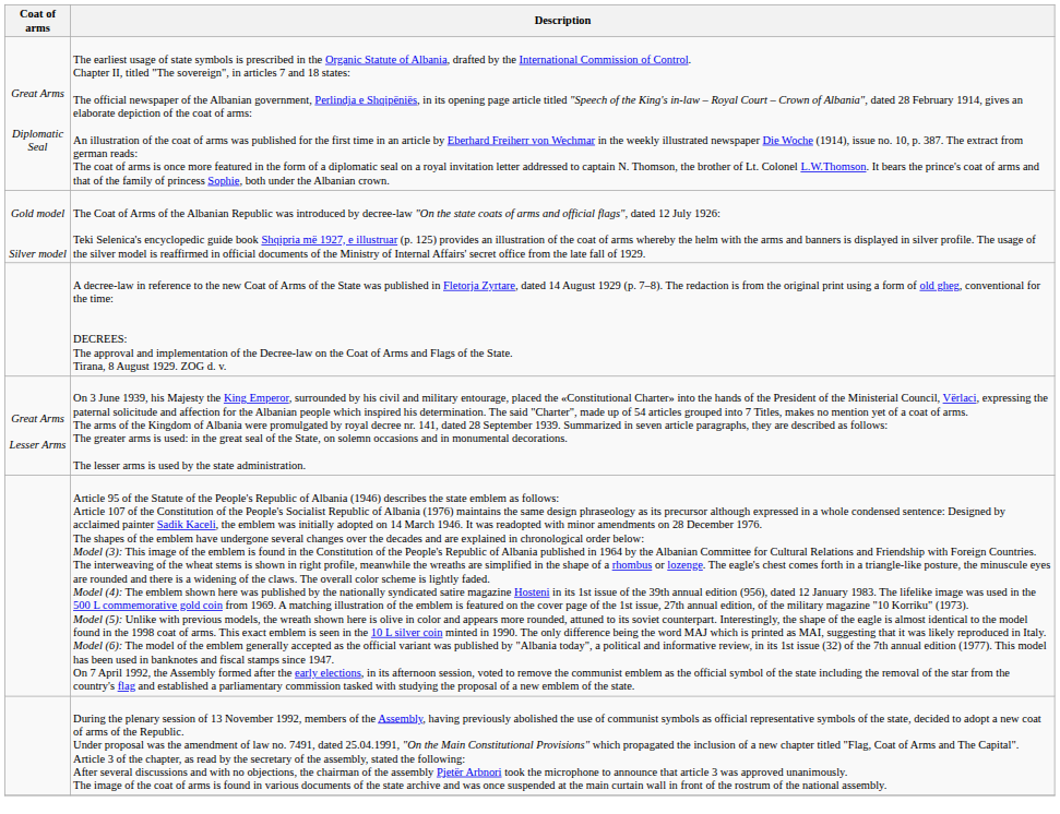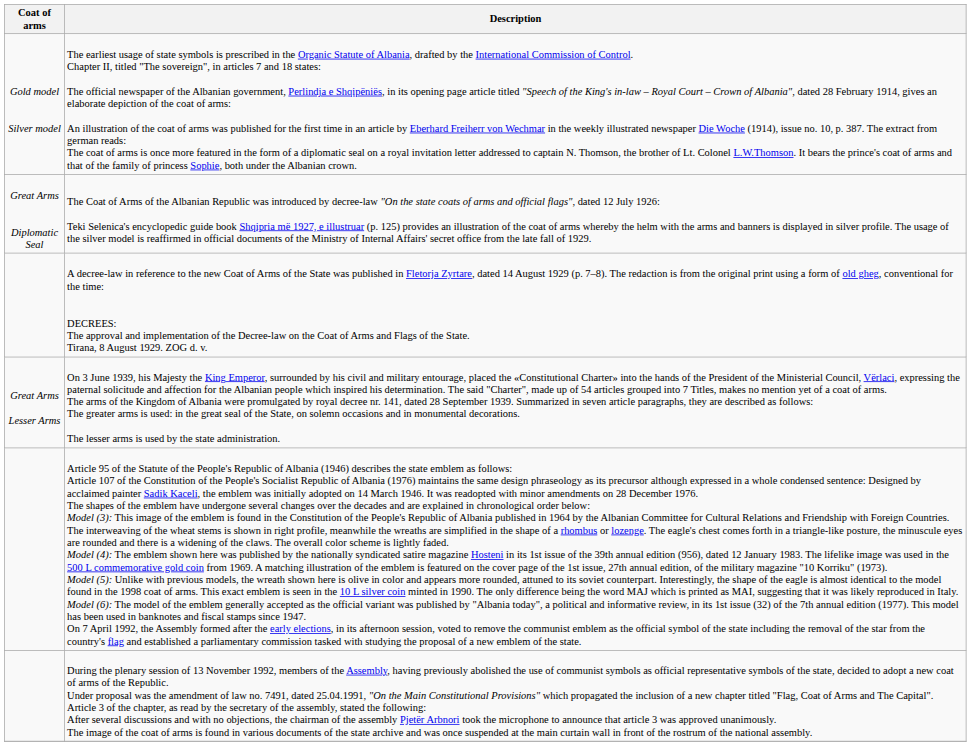 <table class="wikitable"; style=font-size:85%;>
 <tr>
 <th>Coat of arms</th>
 <th>Description</th>
 </tr>
 <tr>
-<td align="center"><br><em>Great Arms</em><br><br><br><em>Diplomatic Seal</em></td>
+<td align="center"><br><em>Gold model</em><br><br><br><em>Silver model</em></td>
 <td><br>The earliest usage of state symbols is prescribed in the <a href='#'>Organic Statute of Albania</a>, drafted by the <a href='#'>International Commission of Control</a>.<br>Chapter II, titled "The sovereign", in articles 7 and 18 states:<br><br>The official newspaper of the Albanian government, <a href='#'>Perlindja e Shqipëniës</a>, in its opening page article titled <em>"Speech of the King's in-law – Royal Court – Crown of Albania"</em>, dated 28 February 1914, gives an elaborate depiction of the coat of arms:<br><br>An illustration of the coat of arms was published for the first time in an article by <a href='#'>Eberhard Freiherr von Wechmar</a> in the weekly illustrated newspaper <a href='#'>Die Woche</a> (1914), issue no. 10, p. 387. The extract from german reads: <br>The coat of arms is once more featured in the form of a diplomatic seal on a royal invitation letter addressed to captain N. Thomson, the brother of Lt. Colonel <a href='#'>L.W.Thomson</a>. It bears the prince's coat of arms and that of the family of princess <a href='#'>Sophie</a>, both under the Albanian crown.</td>
 </tr>
 <tr>
-<td align="center"><br><em>Gold model</em><br><br><br><em>Silver model</em></td>
+<td align="center"><br><em>Great Arms</em><br><br><br><em>Diplomatic Seal</em></td>
 <td><br>The Coat of Arms of the Albanian Republic was introduced by decree-law <em>"On the state coats of arms and official flags"</em>, dated 12 July 1926:<br><br>Teki Selenica's encyclopedic guide book <a href='#'>Shqipria më 1927, e illustruar</a> (p. 125) provides an illustration of the coat of arms whereby the helm with the arms and banners is displayed in silver profile. The usage of the silver model is reaffirmed in official documents of the Ministry of Internal Affairs' secret office from the late fall of 1929.</td>
 </tr>
 <tr>
 <td align="center"></td>
 <td><br>A decree-law in reference to the new Coat of Arms of the State was published in <a href='#'>Fletorja Zyrtare</a>, dated 14 August 1929 (p. 7–8). The redaction is from the original print using a form of <a href='#'>old gheg</a>, conventional for the time:<br><br><br><div>DECREES:<br> The approval and implementation of the Decree-law on the Coat of Arms and Flags of the State.<br>Tirana, 8 August  1929. ZOG d. v.</div></td>
 </tr>
 <tr>
 <td align="center"><br><em>Great Arms</em><br><br><em>Lesser Arms</em></td>
 <td><br>On 3 June 1939, his Majesty the <a href='#'>King Emperor</a>, surrounded by his civil and military entourage, placed the «Constitutional Charter» into the hands of the President of the Ministerial Council, <a href='#'>Vërlaci</a>, expressing the paternal solicitude and affection for the Albanian people which inspired his determination. The said "Charter", made up of 54 articles grouped into 7 Titles, makes no mention yet of a coat of arms.<br>The arms of the Kingdom of Albania were promulgated by royal decree nr. 141, dated 28 September 1939. Summarized in seven article paragraphs, they are described as follows:<br> The greater arms is used: in the great seal of the State, on solemn occasions and in monumental decorations.<br><br>The lesser arms is used by the state administration.</td>
 </tr>
 <tr>
 <td></td>
 <td><br>Article 95 of the Statute of the People's Republic of Albania (1946) describes the state emblem as follows: <br>Article 107 of the Constitution of the People's Socialist Republic of Albania (1976) maintains the same design phraseology as its precursor although expressed in a whole condensed sentence:  Designed by acclaimed painter <a href='#'>Sadik Kaceli</a>, the emblem was initially adopted on 14 March 1946. It was readopted with minor amendments on 28 December 1976.<br>The shapes of the emblem have undergone several changes over the decades and are explained in chronological order below:<br><em>Model (3):</em> This image of the emblem is found in the Constitution of the People's Republic of Albania published in 1964 by the Albanian Committee for Cultural Relations and Friendship with Foreign Countries. The interweaving of the wheat stems is shown in right profile, meanwhile the wreaths are simplified in the shape of a <a href='#'>rhombus</a> or <a href='#'>lozenge</a>. The eagle's chest comes forth in a triangle-like posture, the minuscule eyes are rounded and there is a widening of the claws. The overall color scheme is lightly faded.<br><em>Model (4):</em> The emblem shown here was published by the nationally syndicated satire magazine <a href='#'>Hosteni</a> in its 1st issue of the 39th annual edition (956), dated 12 January 1983. The lifelike image was used in the <a href='#'>500 L commemorative gold coin</a> from 1969. A matching illustration of the emblem is featured on the cover page of the 1st issue, 27th annual edition, of the military magazine "10 Korriku" (1973).<br><em>Model (5):</em> Unlike with previous models, the wreath shown here is olive in color and appears more rounded, attuned to its soviet counterpart. Interestingly, the shape of the eagle is almost identical to the model found in the 1998 coat of arms. This exact emblem is seen in the <a href='#'>10 L silver coin</a> minted in 1990. The only difference being the word MAJ which is printed as MAI, suggesting that it was likely reproduced in Italy.<br><em>Model (6):</em> The model of the emblem generally accepted as the official variant was published by "Albania today", a political and informative review, in its 1st issue (32) of the 7th annual edition (1977). This model has been used in banknotes and fiscal stamps since 1947.<br>On 7 April 1992, the Assembly formed after the <a href='#'>early elections</a>, in its afternoon session, voted to remove the communist emblem as the official symbol of the state including the removal of the star from the country's <a href='#'>flag</a> and established a parliamentary commission tasked with studying the proposal of a new emblem of the state.</td>
 </tr>
 <tr>
 <td align="center"></td>
 <td><br>During the plenary session of 13 November 1992, members of the <a href='#'>Assembly</a>, having previously abolished the use of communist symbols as official representative symbols of the state, decided to adopt a new coat of arms of the Republic.<br>Under proposal was the amendment of law no. 7491, dated 25.04.1991, <em>"On the Main Constitutional Provisions"</em> which propagated the inclusion of a new chapter titled "Flag, Coat of Arms and The Capital".<br>Article 3 of the chapter, as read by the secretary of the assembly, stated the following: <br>After several discussions and with no objections, the chairman of the assembly <a href='#'>Pjetër Arbnori</a> took the microphone to announce that article 3 was approved unanimously.<br>The image of the coat of arms is found in various documents of the state archive and was once suspended at the main  curtain wall in front of the rostrum of the national assembly.</td>
 </tr>
 <tr>
 </tr>
 </table>
